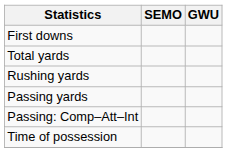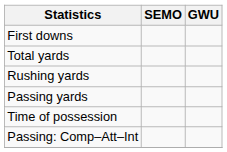 <table class="wikitable" style="float: left;">
 <tr>
 <th>Statistics</th>
 <th>SEMO</th>
 <th>GWU</th>
 </tr>
 <tr>
 <td>First downs</td>
 <td></td>
 <td></td>
 </tr>
 <tr>
 <td>Total yards</td>
 <td></td>
 <td></td>
 </tr>
 <tr>
 <td>Rushing yards</td>
 <td></td>
 <td></td>
 </tr>
 <tr>
 <td>Passing yards</td>
 <td></td>
 <td></td>
 </tr>
 <tr>
-<td>Passing: Comp–Att–Int</td>
+<td>Time of possession</td>
 <td></td>
 <td></td>
 </tr>
 <tr>
-<td>Time of possession</td>
+<td>Passing: Comp–Att–Int</td>
 <td></td>
 <td></td>
 </tr>
 <tr>
 </tr>
 </table>
